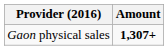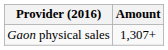 <table class="wikitable" style="text-align:center;"|>
 <tr>
 <th>Provider (2016)</th>
 <th>Amount</th>
 </tr>
 <tr>
 <td><em>Gaon</em> physical sales</td>
-<td><strong>1,307+</strong></td>
+<td>1,307+</td>
 </tr>
 </table>
